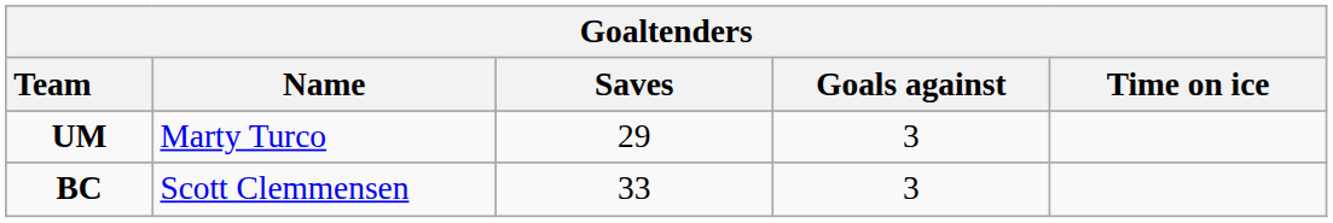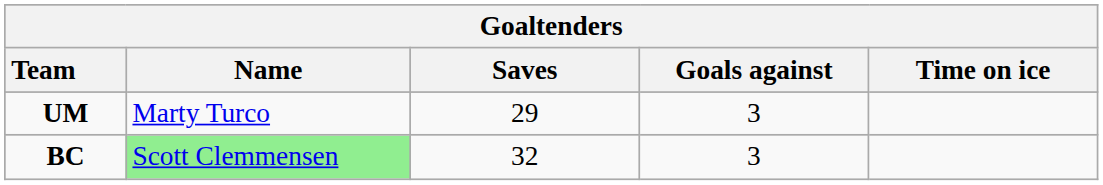 <table class="wikitable" style="width:40em; text-align:right;">
 <tr>
 <th colspan=5>Goaltenders</th>
 </tr>
 <tr>
 <th style="width:4em; text-align:left;">Team</th>
 <th style="width:10em;">Name</th>
 <th style="width:8em;">Saves</th>
 <th style="width:8em;">Goals against</th>
 <th style="width:8em;">Time on ice</th>
 </tr>
 <tr>
 <td align=center><strong>UM</strong></td>
 <td style="text-align:left;"><a href='#'>Marty Turco</a></td>
 <td align=center>29</td>
 <td align=center>3</td>
 <td align=center></td>
 </tr>
 <tr>
 <td align=center><strong>BC</strong></td>
-<td style="text-align:left;"><a href='#'>Scott Clemmensen</a></td>
-<td align=center>33</td>
+<td style="background: lightgreen; text-align:left;"><a href='#'>Scott Clemmensen</a></td>
+<td align=center>32</td>
 <td align=center>3</td>
 <td align=center></td>
 </tr>
 </table>
